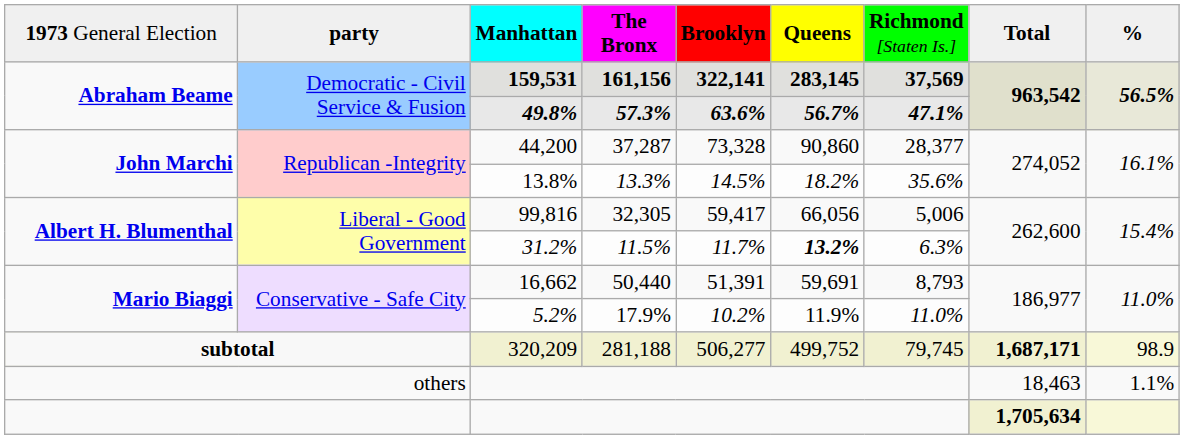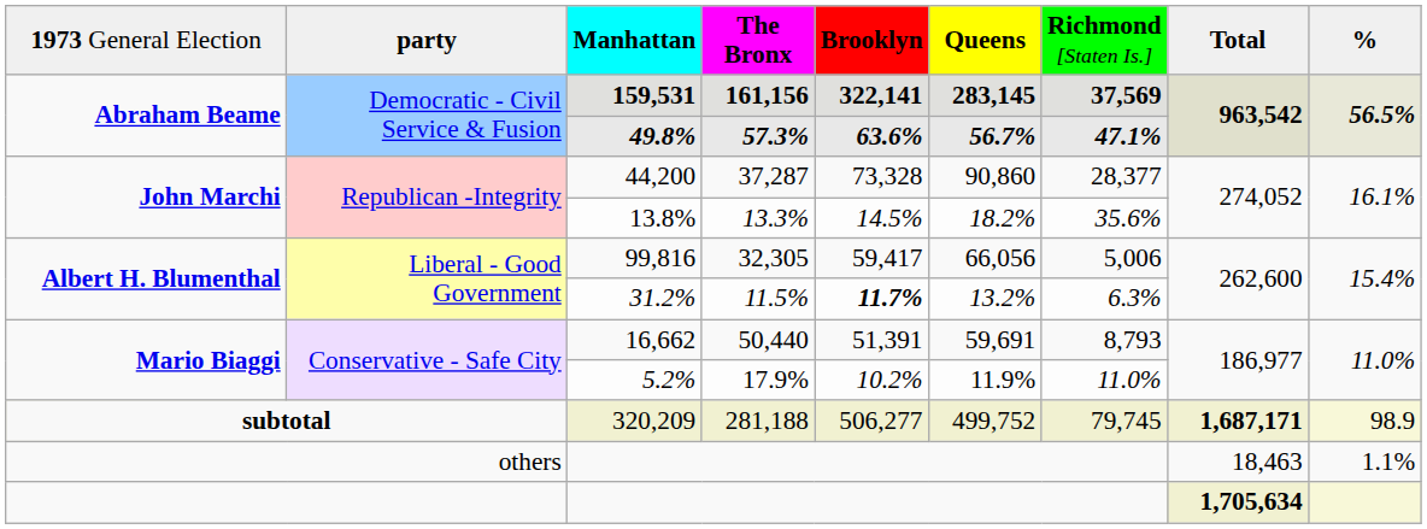 <table class="wikitable"  style="width:100%; text-align:right;">
 <tr style="text-align:center;">
 <td style="width:20%; background:#f0f0f0;"><strong>1973</strong> General Election</td>
 <td style="width:20%; background:#f0f0f0;"><strong>party</strong></td>
 <td style="width:8%; background:aqua;"><strong>Manhattan</strong></td>
 <td style="width:8%; background:magenta;"><strong>The Bronx</strong></td>
 <td style="width:8%; background:red;"><strong>Brooklyn</strong></td>
 <td style="width:8%; background:yellow;"><strong>Queens</strong></td>
 <td style="width:8%; background:lime;"><strong>Richmond</strong> <small><em>[Staten Is.]</em></small></td>
 <td style="width:10%; background:#f0f0f0;"><strong>Total</strong></td>
 <td style="width:8%; background:#f0f0f0;"><strong>%</strong></td>
 </tr>
 <tr>
 <td rowspan="2"><strong><a href='#'>Abraham Beame</a></strong></td>
 <td style="background:#9cf;" rowspan="2"><a href='#'>Democratic - Civil Service & Fusion</a></td>
 <td style="background:#e0e0dd;"><strong>159,531</strong></td>
 <td style="background:#e0e0dd;"><strong>161,156</strong></td>
 <td style="background:#e0e0dd;"><strong>322,141</strong></td>
 <td style="background:#e0e0dd;"><strong>283,145</strong></td>
 <td style="background:#e0e0dd;"><strong>37,569</strong></td>
 <td rowspan="2" style="background:#e0e0cc;"><strong>963,542</strong></td>
 <td rowspan="2" style="background:#e8e8d8;"><strong><em>56.5%</em></strong></td>
 </tr>
 <tr style="background:#e8e8e8;">
 <td><strong><em>49.8%</em></strong></td>
 <td><strong><em>57.3%</em></strong></td>
 <td><strong><em>63.6%</em></strong></td>
 <td><strong><em>56.7%</em></strong></td>
 <td><strong><em>47.1%</em></strong></td>
 </tr>
 <tr>
 <td rowspan="2"><strong><a href='#'>John Marchi</a></strong></td>
 <td style="background:#fcc;" rowspan="2"><a href='#'>Republican -Integrity</a></td>
 <td>44,200</td>
 <td>37,287</td>
 <td>73,328</td>
 <td>90,860</td>
 <td>28,377</td>
 <td rowspan="2">274,052</td>
 <td rowspan="2"><em>16.1%</em></td>
 </tr>
 <tr style="background:#fdfdfd;">
 <td>13.8%</td>
 <td><em>13.3%</em></td>
 <td><em>14.5%</em></td>
 <td><em>18.2%</em></td>
 <td><em>35.6%</em></td>
 </tr>
 <tr>
 <td rowspan="2"><strong><a href='#'>Albert H. Blumenthal</a></strong></td>
 <td rowspan="2" style="background:#fefeaa;"><a href='#'>Liberal - Good Government</a></td>
 <td>99,816</td>
 <td>32,305</td>
 <td>59,417</td>
 <td>66,056</td>
 <td>5,006</td>
 <td rowspan="2">262,600</td>
 <td rowspan="2"><em>15.4%</em></td>
 </tr>
 <tr style="background:#fdfdfd;">
 <td><em>31.2%</em></td>
 <td><em>11.5%</em></td>
-<td><em>11.7%</em></td>
-<td><strong><em>13.2%</em></strong></td>
+<td><strong><em>11.7%</em></strong></td>
+<td><em>13.2%</em></td>
 <td><em>6.3%</em></td>
 </tr>
 <tr>
 <td rowspan="2"><strong><a href='#'>Mario Biaggi</a></strong></td>
 <td rowspan="2" style="background:#edf;"><a href='#'>Conservative - Safe City</a></td>
 <td>16,662</td>
 <td>50,440</td>
 <td>51,391</td>
 <td>59,691</td>
 <td>8,793</td>
 <td rowspan="2">186,977</td>
 <td rowspan="2"><em>11.0%</em></td>
 </tr>
 <tr style="background:#fdfdfd;">
 <td><em>5.2%</em></td>
 <td>17.9%</td>
 <td><em>10.2%</em></td>
 <td>11.9%</td>
 <td><em>11.0%</em></td>
 </tr>
 <tr style="background:#f1f1d1;">
 <td style="text-align:center; background:#f8f8f8;" colspan="2"><strong>subtotal</strong></td>
 <td>320,209</td>
 <td>281,188</td>
 <td>506,277</td>
 <td>499,752</td>
 <td>79,745</td>
 <td><strong>1,687,171</strong></td>
 <td bgcolor=f8f8d8>98.9</td>
 </tr>
 <tr>
 <td colspan="2">others</td>
 <td colspan="5"></td>
 <td>18,463</td>
 <td>1.1%</td>
 </tr>
 <tr>
 <td colspan="2"></td>
 <td colspan="5"> </td>
 <td style="background:#f1f1d1;"><strong>1,705,634</strong></td>
 <td bgcolor=f8f8d8> </td>
 </tr>
 </table>
